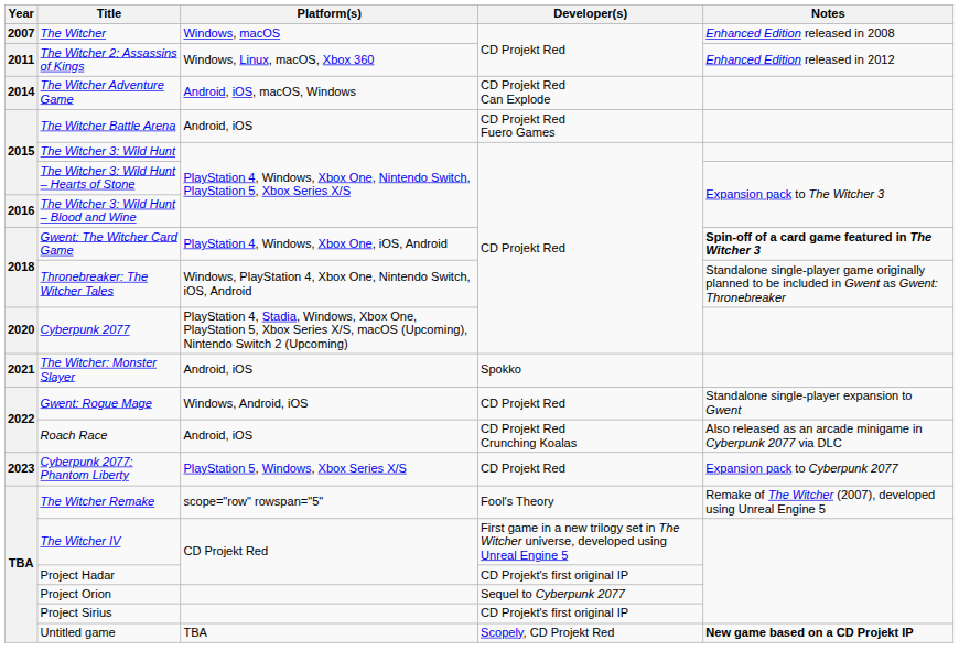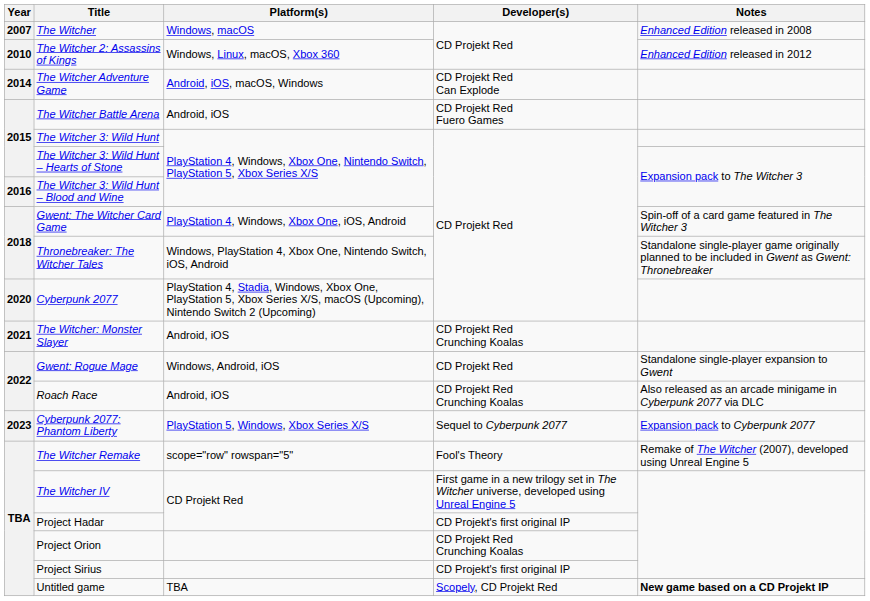 <table class="wikitable sortable plainrowheaders">
 <tr>
 <th scope="col">Year</th>
 <th scope="col">Title</th>
 <th scope="col">Platform(s)</th>
 <th scope="col">Developer(s)</th>
 <th scope="col" class="unsortable">Notes</th>
 </tr>
 <tr>
 <th scope="row">2007</th>
 <td><em><a href='#'>The Witcher</a></em></td>
 <td><a href='#'>Windows</a>, <a href='#'>macOS</a></td>
 <td rowspan="2">CD Projekt Red</td>
 <td><em><a href='#'>Enhanced Edition</a></em> released in 2008</td>
 </tr>
 <tr>
-<th scope="row">2011</th>
+<th scope="row">2010</th>
 <td><em><a href='#'>The Witcher 2: Assassins of Kings</a></em></td>
 <td>Windows, <a href='#'>Linux</a>, macOS, <a href='#'>Xbox 360</a></td>
 <td><em><a href='#'>Enhanced Edition</a></em> released in 2012</td>
 </tr>
 <tr>
 <th scope="row">2014</th>
 <td><em><a href='#'>The Witcher Adventure Game</a></em></td>
 <td><a href='#'>Android</a>, <a href='#'>iOS</a>, macOS, Windows</td>
 <td>CD Projekt Red<br>Can Explode</td>
 <td></td>
 </tr>
 <tr>
 <th scope="row" rowspan="3">2015</th>
 <td><em><a href='#'>The Witcher Battle Arena</a></em></td>
 <td>Android, iOS</td>
 <td>CD Projekt Red<br>Fuero Games</td>
 <td></td>
 </tr>
 <tr>
 <td><em><a href='#'>The Witcher 3: Wild Hunt</a></em></td>
 <td rowspan="3"><a href='#'>PlayStation 4</a>, Windows, <a href='#'>Xbox One</a>, <a href='#'>Nintendo Switch</a>, <a href='#'>PlayStation 5</a>, <a href='#'>Xbox Series X/S</a></td>
 <td rowspan="6">CD Projekt Red</td>
 <td></td>
 </tr>
 <tr>
 <td><em><a href='#'>The Witcher 3: Wild Hunt – Hearts of Stone</a></em></td>
 <td rowspan="2"><a href='#'>Expansion pack</a> to <em>The Witcher 3</em></td>
 </tr>
 <tr>
 <th scope="row">2016</th>
 <td><em><a href='#'>The Witcher 3: Wild Hunt – Blood and Wine</a></em></td>
 </tr>
 <tr>
 <th scope="row" rowspan="2">2018</th>
 <td><em><a href='#'>Gwent: The Witcher Card Game</a></em></td>
 <td><a href='#'>PlayStation 4</a>, Windows, <a href='#'>Xbox One</a>, iOS, Android</td>
-<td><strong>Spin-off of a card game featured in <em>The Witcher 3</em></strong></td>
+<td>Spin-off of a card game featured in <em>The Witcher 3</em></td>
 </tr>
 <tr>
 <td><em><a href='#'>Thronebreaker: The Witcher Tales</a></em></td>
 <td>Windows, PlayStation 4, Xbox One, Nintendo Switch, iOS, Android</td>
 <td>Standalone single-player game originally planned to be included in <em>Gwent</em> as <em>Gwent: Thronebreaker</em></td>
 </tr>
 <tr>
 <th scope="row">2020</th>
 <td><em><a href='#'>Cyberpunk 2077</a></em></td>
 <td>PlayStation 4, <a href='#'>Stadia</a>, Windows, Xbox One, PlayStation 5, Xbox Series X/S, macOS (Upcoming), Nintendo Switch 2 (Upcoming)</td>
 <td></td>
 </tr>
 <tr>
 <th scope="row">2021</th>
 <td><em><a href='#'>The Witcher: Monster Slayer</a></em></td>
 <td>Android, iOS</td>
-<td>Spokko</td>
+<td>CD Projekt Red<br>Crunching Koalas</td>
 <td></td>
 </tr>
 <tr>
 <th scope="row" rowspan="2">2022</th>
 <td><em><a href='#'>Gwent: Rogue Mage</a></em></td>
 <td>Windows, Android, iOS</td>
 <td>CD Projekt Red</td>
 <td>Standalone single-player expansion to <em>Gwent</em></td>
 </tr>
 <tr>
 <td><em>Roach Race</em></td>
 <td>Android, iOS</td>
 <td>CD Projekt Red<br>Crunching Koalas</td>
 <td>Also released as an arcade minigame in <em>Cyberpunk 2077</em> via DLC</td>
 </tr>
 <tr>
 <th scope="row">2023</th>
 <td><em><a href='#'>Cyberpunk 2077: Phantom Liberty</a></em></td>
 <td><a href='#'>PlayStation 5</a>, <a href='#'>Windows</a>, <a href='#'>Xbox Series X/S</a></td>
-<td>CD Projekt Red</td>
+<td>Sequel to <em>Cyberpunk 2077</em></td>
 <td><a href='#'>Expansion pack</a> to <em>Cyberpunk 2077</em></td>
 </tr>
 <tr>
 <th rowspan="6" scope="row">TBA</th>
 <td><em><a href='#'>The Witcher Remake</a></em></td>
 <td>scope="row" rowspan="5" </td>
 <td>Fool's Theory</td>
 <td>Remake of <em><a href='#'>The Witcher</a></em> (2007), developed using Unreal Engine 5</td>
 </tr>
 <tr>
 <td><em><a href='#'>The Witcher IV</a></em></td>
 <td rowspan="2">CD Projekt Red</td>
 <td>First game in a new trilogy set in <em>The Witcher</em> universe, developed using <a href='#'>Unreal Engine 5</a></td>
 </tr>
 <tr>
 <td>Project Hadar</td>
 <td>CD Projekt's first original IP</td>
 </tr>
 <tr>
 <td>Project Orion</td>
 <td></td>
-<td>Sequel to <em>Cyberpunk 2077</em></td>
+<td>CD Projekt Red<br>Crunching Koalas</td>
 </tr>
 <tr>
 <td>Project Sirius</td>
 <td></td>
 <td>CD Projekt's first original IP</td>
 </tr>
 <tr>
 <td>Untitled game</td>
 <td>TBA</td>
 <td><a href='#'>Scopely</a>, CD Projekt Red</td>
 <td><strong>New game based on a CD Projekt IP</strong></td>
 </tr>
 </table>
